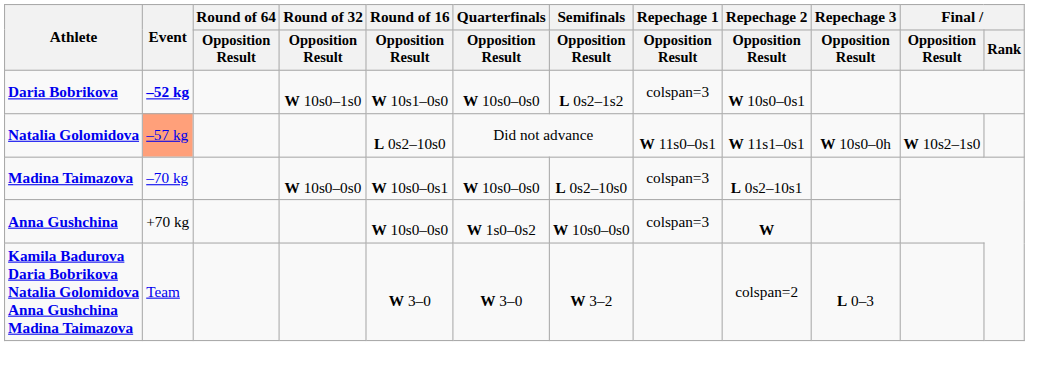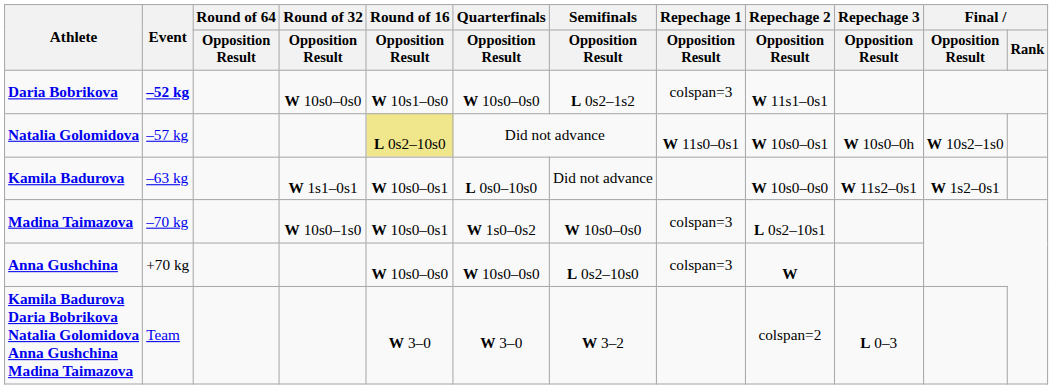 <table class="wikitable" style="text-align:center; font-size:90%">
 <tr>
 <th rowspan=2>Athlete</th>
 <th rowspan=2>Event</th>
 <th>Round of 64</th>
 <th>Round of 32</th>
 <th>Round of 16</th>
 <th>Quarterfinals</th>
 <th>Semifinals</th>
 <th>Repechage 1</th>
 <th>Repechage 2</th>
 <th>Repechage 3</th>
 <th colspan=2>Final / </th>
 </tr>
 <tr style="font-size:95%">
 <th>Opposition<br>Result</th>
 <th>Opposition<br>Result</th>
 <th>Opposition<br>Result</th>
 <th>Opposition<br>Result</th>
 <th>Opposition<br>Result</th>
 <th>Opposition<br>Result</th>
 <th>Opposition<br>Result</th>
 <th>Opposition<br>Result</th>
 <th>Opposition<br>Result</th>
 <th>Rank</th>
 </tr>
 <tr>
 <td align=left><strong><a href='#'>Daria Bobrikova</a></strong></td>
 <td align=left><strong><a href='#'>–52 kg</a></strong></td>
 <td></td>
-<td><br><strong>W</strong> 10s0–1s0</td>
+<td><br><strong>W</strong> 10s0–0s0</td>
 <td><br><strong>W</strong> 10s1–0s0</td>
 <td><br><strong>W</strong> 10s0–0s0</td>
 <td><br><strong>L</strong> 0s2–1s2</td>
 <td>colspan=3 </td>
-<td><br><strong>W</strong> 10s0–0s1</td>
+<td><br><strong>W</strong> 11s1–0s1</td>
 <td></td>
 </tr>
 <tr>
 <td align=left><strong><a href='#'>Natalia Golomidova</a></strong></td>
-<td align=left style="background: lightsalmon;"><a href='#'>–57 kg</a></td>
+<td align=left><a href='#'>–57 kg</a></td>
 <td></td>
 <td></td>
-<td><br><strong>L</strong> 0s2–10s0</td>
+<td style="background: khaki;"><br><strong>L</strong> 0s2–10s0</td>
 <td colspan=2>Did not advance</td>
 <td><br><strong>W</strong> 11s0–0s1</td>
-<td><br><strong>W</strong> 11s1–0s1</td>
+<td><br><strong>W</strong> 10s0–0s1</td>
 <td><br><strong>W</strong> 10s0–0h</td>
 <td><br><strong>W</strong> 10s2–1s0</td>
+<td></td>
+</tr>
+<tr>
+<td align=left><strong><a href='#'>Kamila Badurova</a></strong></td>
+<td align=left><a href='#'>–63 kg</a></td>
+<td></td>
+<td><br><strong>W</strong> 1s1–0s1</td>
+<td><br><strong>W</strong> 10s0–0s1</td>
+<td><br><strong>L</strong> 0s0–10s0</td>
+<td>Did not advance</td>
+<td></td>
+<td><br><strong>W</strong> 10s0–0s0</td>
+<td><br><strong>W</strong> 11s2–0s1</td>
+<td><br><strong>W</strong> 1s2–0s1</td>
 <td></td>
 </tr>
 <tr>
 <td align=left><strong><a href='#'>Madina Taimazova</a></strong></td>
 <td align=left><a href='#'>–70 kg</a></td>
 <td></td>
+<td><br><strong>W</strong> 10s0–1s0</td>
+<td><br><strong>W</strong> 10s0–0s1</td>
+<td><br><strong>W</strong> 1s0–0s2</td>
 <td><br><strong>W</strong> 10s0–0s0</td>
-<td><br><strong>W</strong> 10s0–0s1</td>
-<td><br><strong>W</strong> 10s0–0s0</td>
-<td><br><strong>L</strong> 0s2–10s0</td>
 <td>colspan=3 </td>
 <td><br><strong>L</strong> 0s2–10s1</td>
 <td></td>
 </tr>
 <tr>
 <td align=left><strong><a href='#'>Anna Gushchina</a></strong></td>
 <td align=left>+70 kg</td>
 <td></td>
 <td></td>
 <td><br><strong>W</strong> 10s0–0s0</td>
-<td><br><strong>W</strong> 1s0–0s2</td>
 <td><br><strong>W</strong> 10s0–0s0</td>
+<td><br><strong>L</strong> 0s2–10s0</td>
 <td>colspan=3 </td>
 <td><br><strong>W</strong></td>
 <td></td>
 </tr>
 <tr>
 <td align=left><strong><a href='#'>Kamila Badurova</a><br><a href='#'>Daria Bobrikova</a><br><a href='#'>Natalia Golomidova</a><br><a href='#'>Anna Gushchina</a><br><a href='#'>Madina Taimazova</a></strong></td>
 <td align=left><a href='#'>Team</a></td>
 <td></td>
 <td></td>
 <td><br><strong>W</strong> 3–0</td>
 <td><br><strong>W</strong> 3–0</td>
 <td><br><strong>W</strong> 3–2</td>
 <td></td>
 <td>colspan=2 </td>
 <td><br><strong>L</strong> 0–3</td>
 <td></td>
 </tr>
 </table>
